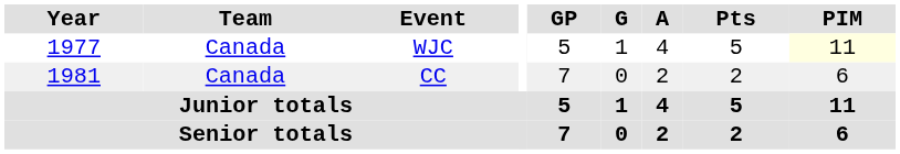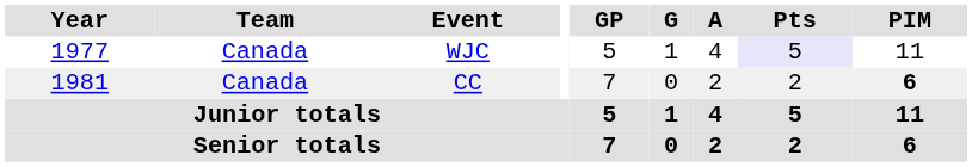 <table border="0" cellpadding="1" cellspacing="0" ID="Table3" style="text-align:center; width:40em;">
 <tr bgcolor="#e0e0e0">
 <th>Year</th>
 <th>Team</th>
 <th>Event</th>
 <th rowspan="102" bgcolor="#ffffff"></th>
 <th>GP</th>
 <th>G</th>
 <th>A</th>
 <th>Pts</th>
 <th>PIM</th>
 </tr>
 <tr>
 <td><a href='#'>1977</a></td>
 <td><a href='#'>Canada</a></td>
 <td><a href='#'>WJC</a></td>
 <td>5</td>
 <td>1</td>
 <td>4</td>
-<td>5</td>
-<td style="background: lightyellow;">11</td>
+<td style="background: lavender;">5</td>
+<td>11</td>
 </tr>
 <tr bgcolor="#f0f0f0">
 <td><a href='#'>1981</a></td>
 <td><a href='#'>Canada</a></td>
 <td><a href='#'>CC</a></td>
 <td>7</td>
 <td>0</td>
 <td>2</td>
 <td>2</td>
-<td>6</td>
+<td><strong>6</strong></td>
 </tr>
 <tr bgcolor="#e0e0e0">
 <th colspan="4">Junior totals</th>
 <th>5</th>
 <th>1</th>
 <th>4</th>
 <th>5</th>
 <th>11</th>
 </tr>
 <tr bgcolor="#e0e0e0">
 <th colspan="4">Senior totals</th>
 <th>7</th>
 <th>0</th>
 <th>2</th>
 <th>2</th>
 <th>6</th>
 </tr>
 </table>
